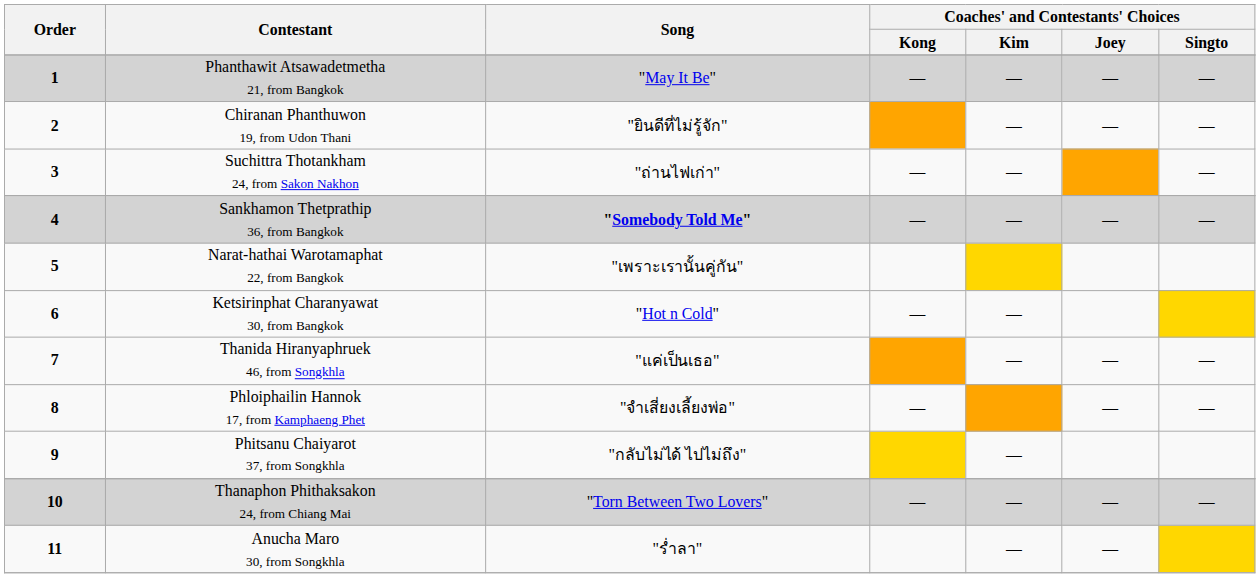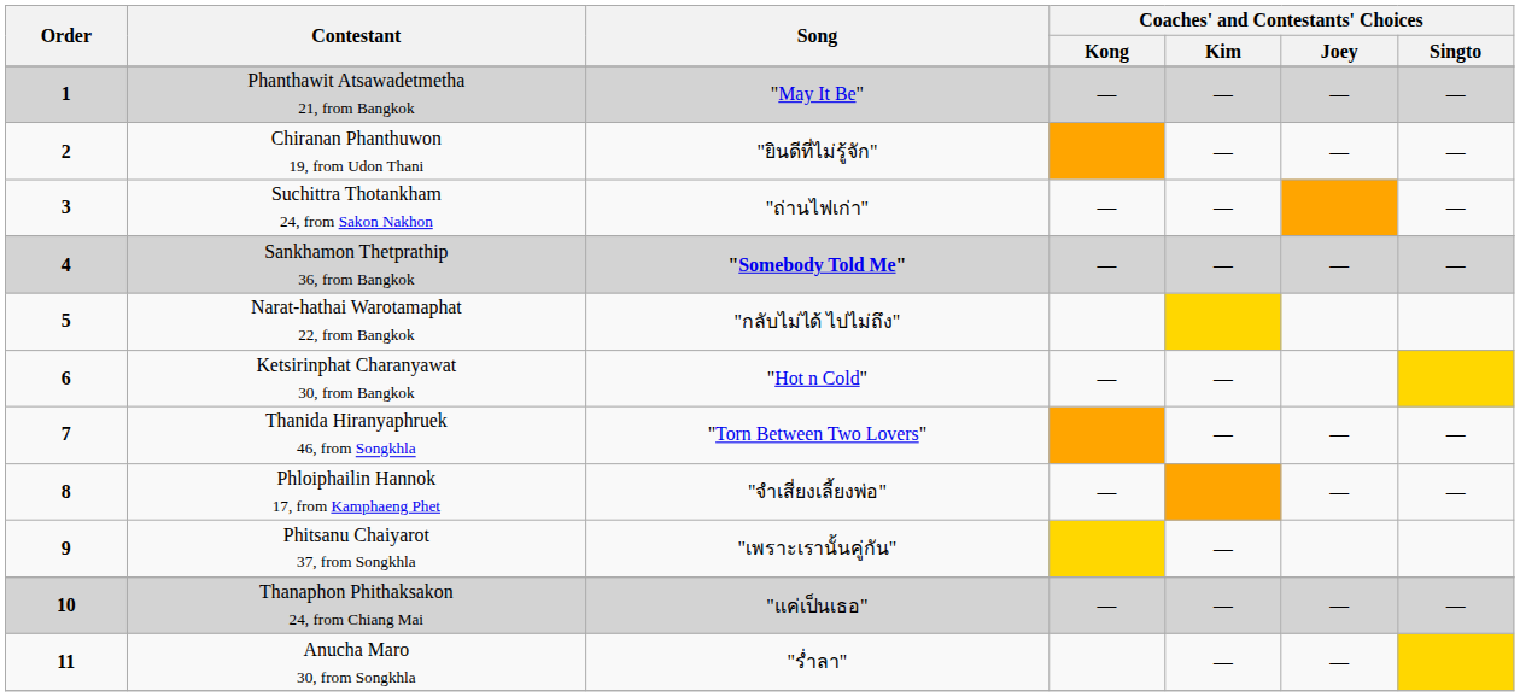 <table class="wikitable" style="text-align:center; width:100%;">
 <tr>
 <th rowspan=2>Order</th>
 <th rowspan=2>Contestant</th>
 <th rowspan=2>Song</th>
 <th colspan=4>Coaches' and Contestants' Choices</th>
 </tr>
 <tr>
 <th width="90">Kong</th>
 <th width="90">Kim</th>
 <th width="90">Joey</th>
 <th width="90">Singto</th>
 </tr>
 <tr>
 </tr>
 <tr bgcolor=lightgrey>
 <td style="text-align:center"><strong>1</strong></td>
 <td>Phanthawit Atsawadetmetha<br><sub>21, from Bangkok</sub></td>
 <td>"<a href='#'>May It Be</a>"</td>
 <td style="text-align:center;">—</td>
 <td style="text-align:center;">—</td>
 <td style="text-align:center;">—</td>
 <td style="text-align:center;">—</td>
 </tr>
 <tr>
 <td style="text-align:center"><strong>2</strong></td>
 <td>Chiranan Phanthuwon<br><sub>19, from Udon Thani</sub></td>
 <td>"ยินดีที่ไม่รู้จัก"</td>
 <td style="background:orange;text-align:center;"></td>
 <td style="text-align:center;">—</td>
 <td style="text-align:center;">—</td>
 <td style="text-align:center;">—</td>
 </tr>
 <tr>
 <td style="text-align:center"><strong>3</strong></td>
 <td>Suchittra Thotankham<br><sub>24, from <a href='#'>Sakon Nakhon</a></sub></td>
 <td>"ถ่านไฟเก่า"</td>
 <td style="text-align:center;">—</td>
 <td style="text-align:center;">—</td>
 <td style="background:orange;text-align:center;"></td>
 <td style="text-align:center;">—</td>
 </tr>
 <tr>
 </tr>
 <tr bgcolor=lightgrey>
 <td style="text-align:center"><strong>4</strong></td>
 <td>Sankhamon Thetprathip<br><sub>36, from Bangkok</sub></td>
 <td><strong>"<a href='#'>Somebody Told Me</a>"</strong></td>
 <td style="text-align:center;">—</td>
 <td style="text-align:center;">—</td>
 <td style="text-align:center;">—</td>
 <td style="text-align:center;">—</td>
 </tr>
 <tr>
 <td style="text-align:center"><strong>5</strong></td>
 <td>Narat-hathai Warotamaphat<br><sub>22, from Bangkok</sub></td>
-<td>"เพราะเรานั้นคู่กัน"</td>
+<td>"กลับไม่ได้ ไปไม่ถึง"</td>
 <td style="text-align:center;"></td>
 <td style="background:gold;text-align:center;"></td>
 <td style="text-align:center;"></td>
 <td style="text-align:center;"></td>
 </tr>
 <tr>
 <td style="text-align:center"><strong>6</strong></td>
 <td>Ketsirinphat Charanyawat<br><sub>30, from Bangkok</sub></td>
 <td>"<a href='#'>Hot n Cold</a>"</td>
 <td style="text-align:center;">—</td>
 <td style="text-align:center;">—</td>
 <td style="text-align:center;"></td>
 <td style="background:gold;text-align:center;"></td>
 </tr>
 <tr>
 <td style="text-align:center"><strong>7</strong></td>
 <td>Thanida Hiranyaphruek<br><sub>46, from <a href='#'>Songkhla</a></sub></td>
-<td>"แค่เป็นเธอ"</td>
+<td>"<a href='#'>Torn Between Two Lovers</a>"</td>
 <td style="background:orange;text-align:center;"></td>
 <td style="text-align:center;">—</td>
 <td style="text-align:center;">—</td>
 <td style="text-align:center;">—</td>
 </tr>
 <tr>
 <td style="text-align:center"><strong>8</strong></td>
 <td>Phloiphailin Hannok<br><sub>17, from <a href='#'>Kamphaeng Phet</a></sub></td>
 <td>"จำเสี่ยงเลี้ยงพ่อ"</td>
 <td style="text-align:center;">—</td>
 <td style="background:orange;text-align:center;"></td>
 <td style="text-align:center;">—</td>
 <td style="text-align:center;">—</td>
 </tr>
 <tr>
 <td style="text-align:center"><strong>9</strong></td>
 <td>Phitsanu Chaiyarot<br><sub>37, from Songkhla</sub></td>
-<td>"กลับไม่ได้ ไปไม่ถึง"</td>
+<td>"เพราะเรานั้นคู่กัน"</td>
 <td style="background:gold;text-align:center;"></td>
 <td style="text-align:center;">—</td>
 <td style="text-align:center;"></td>
 <td style="text-align:center;"></td>
 </tr>
 <tr>
 </tr>
 <tr bgcolor=lightgrey>
 <td style="text-align:center"><strong>10</strong></td>
 <td>Thanaphon Phithaksakon<br><sub>24, from Chiang Mai</sub></td>
-<td>"<a href='#'>Torn Between Two Lovers</a>"</td>
+<td>"แค่เป็นเธอ"</td>
 <td style="text-align:center;">—</td>
 <td style="text-align:center;">—</td>
 <td style="text-align:center;">—</td>
 <td style="text-align:center;">—</td>
 </tr>
 <tr>
 <td style="text-align:center"><strong>11</strong></td>
 <td>Anucha Maro<br><sub>30, from Songkhla</sub></td>
 <td>"ร่ำลา"</td>
 <td style="text-align:center;"></td>
 <td style="text-align:center;">—</td>
 <td style="text-align:center;">—</td>
 <td style="background:gold;text-align:center;"></td>
 </tr>
 <tr>
 </tr>
 </table>
